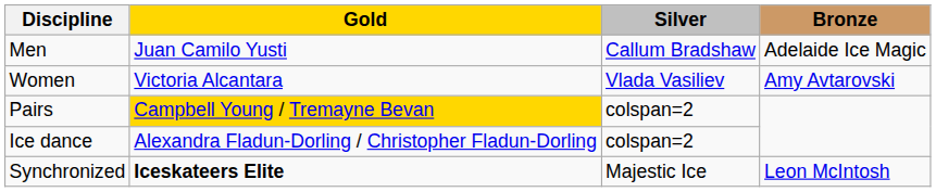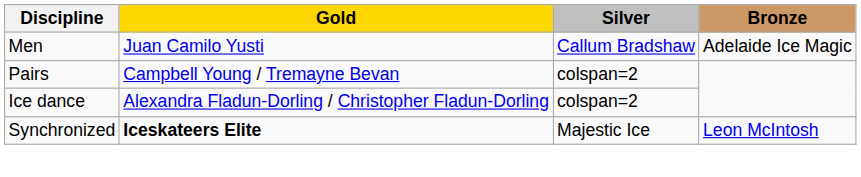 <table class="wikitable">
 <tr>
 <th>Discipline</th>
 <td align=center bgcolor=gold><strong>Gold</strong></td>
 <td align=center bgcolor=silver><strong>Silver</strong></td>
 <td align=center bgcolor=cc9966><strong>Bronze</strong></td>
 </tr>
 <tr>
 <td>Men</td>
 <td> <a href='#'>Juan Camilo Yusti</a></td>
 <td> <a href='#'>Callum Bradshaw</a></td>
 <td> Adelaide Ice Magic</td>
 </tr>
 <tr>
-<td>Women</td>
-<td> <a href='#'>Victoria Alcantara</a></td>
-<td> <a href='#'>Vlada Vasiliev</a></td>
-<td> <a href='#'>Amy Avtarovski</a></td>
-</tr>
-<tr>
 <td>Pairs</td>
-<td style="background: gold;"> <a href='#'>Campbell Young</a> / <a href='#'>Tremayne Bevan</a></td>
+<td> <a href='#'>Campbell Young</a> / <a href='#'>Tremayne Bevan</a></td>
 <td>colspan=2 </td>
 </tr>
 <tr>
 <td>Ice dance</td>
 <td> <a href='#'>Alexandra Fladun-Dorling</a> / <a href='#'>Christopher Fladun-Dorling</a></td>
 <td>colspan=2 </td>
 </tr>
 <tr>
 <td>Synchronized</td>
 <td><strong> Iceskateers Elite</strong></td>
 <td> Majestic Ice</td>
 <td> <a href='#'>Leon McIntosh</a></td>
 </tr>
 </table>
